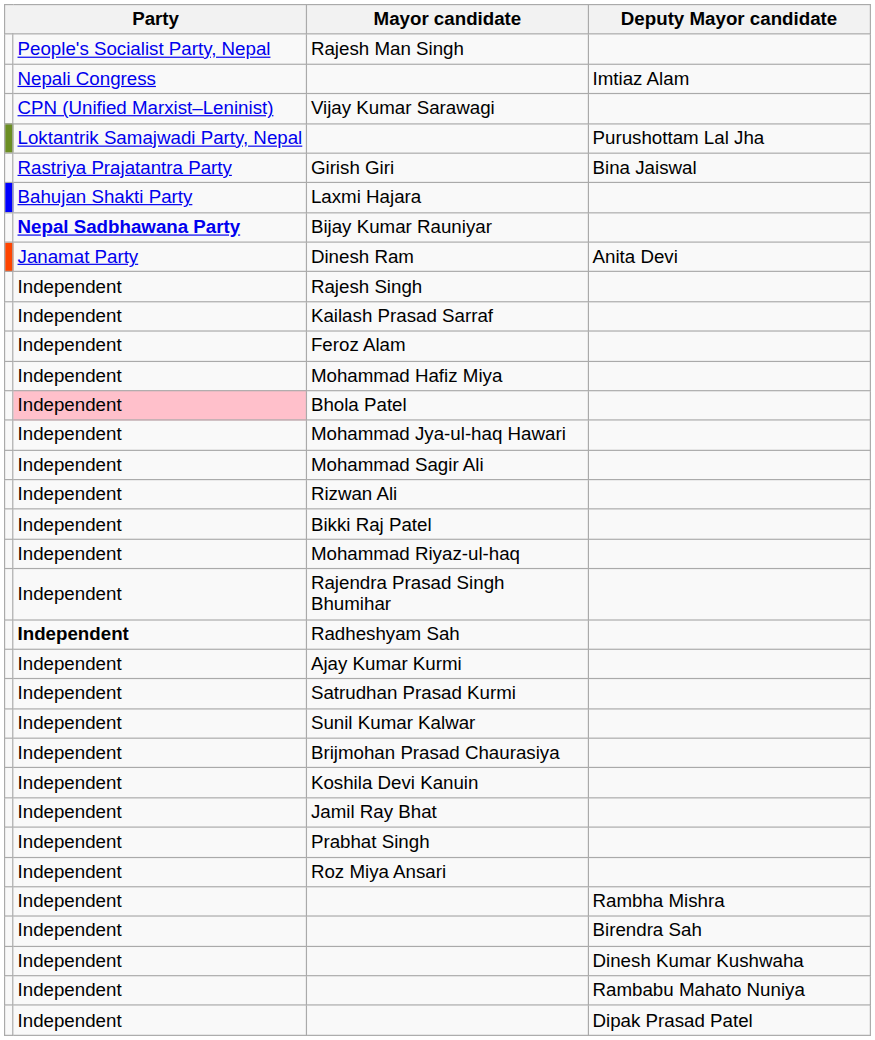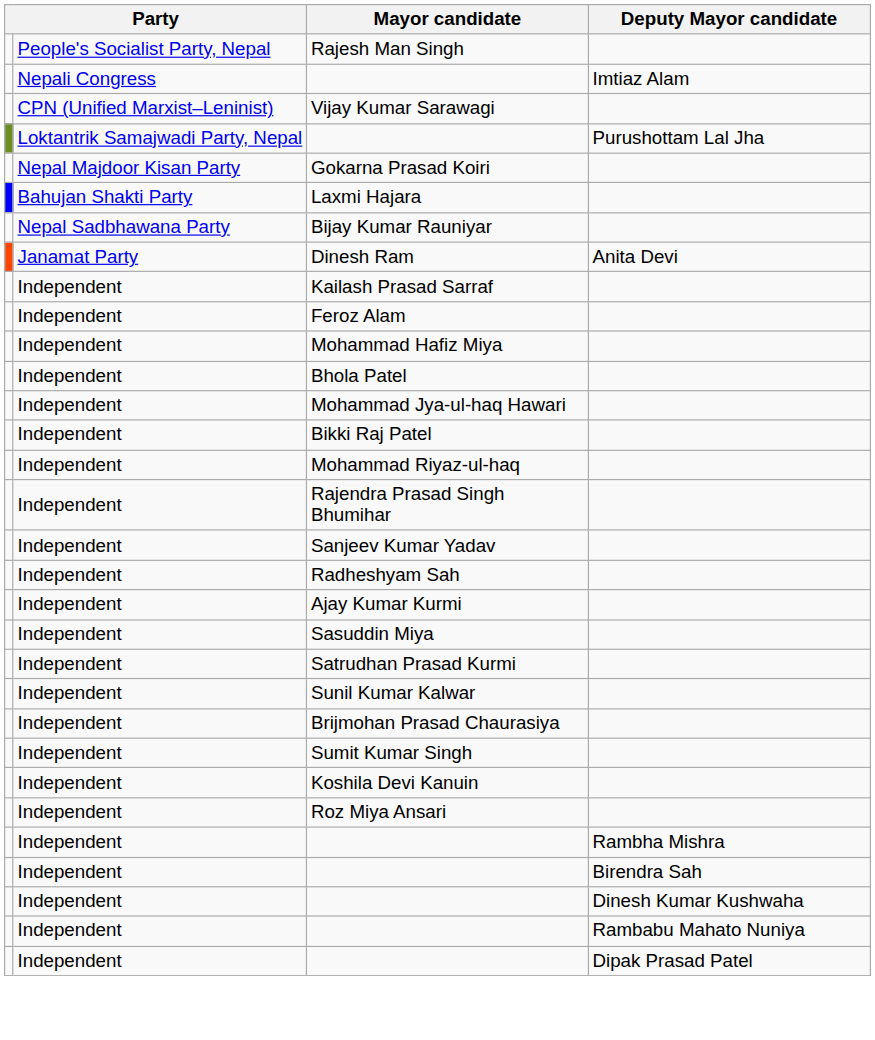 <table class="wikitable">
 <tr>
 <th colspan="2">Party</th>
 <th style="width: 175pt;">Mayor candidate</th>
 <th style="width: 175pt;">Deputy Mayor candidate</th>
 </tr>
 <tr>
 <td style="background-color:"></td>
 <td><a href='#'>People's Socialist Party, Nepal</a></td>
 <td>Rajesh Man Singh</td>
 <td></td>
 </tr>
 <tr>
 <td style="background-color:"></td>
 <td><a href='#'>Nepali Congress</a></td>
 <td></td>
 <td>Imtiaz Alam</td>
 </tr>
 <tr>
 <td style="background-color:"></td>
 <td><a href='#'>CPN (Unified Marxist–Leninist)</a></td>
 <td>Vijay Kumar Sarawagi</td>
 <td></td>
 </tr>
 <tr>
 <td style="background-color:olivedrab;"></td>
 <td><a href='#'>Loktantrik Samajwadi Party, Nepal</a></td>
 <td></td>
 <td>Purushottam Lal Jha</td>
 </tr>
 <tr>
 <td style="background-color:"></td>
-<td><a href='#'>Rastriya Prajatantra Party</a></td>
-<td>Girish Giri</td>
-<td>Bina Jaiswal</td>
+<td><a href='#'>Nepal Majdoor Kisan Party</a></td>
+<td>Gokarna Prasad Koiri</td>
+<td></td>
 </tr>
 <tr>
 <td style="background-color:blue;"></td>
 <td><a href='#'>Bahujan Shakti Party</a></td>
 <td>Laxmi Hajara</td>
 <td></td>
 </tr>
 <tr>
 <td style="background-color:"></td>
-<td><strong><a href='#'>Nepal Sadbhawana Party</a></strong></td>
+<td><a href='#'>Nepal Sadbhawana Party</a></td>
 <td>Bijay Kumar Rauniyar</td>
 <td></td>
 </tr>
 <tr>
 <td style="background-color:orangered;"></td>
 <td><a href='#'>Janamat Party</a></td>
 <td>Dinesh Ram</td>
 <td>Anita Devi</td>
-</tr>
-<tr>
-<td></td>
-<td>Independent</td>
-<td>Rajesh Singh</td>
-<td></td>
 </tr>
 <tr>
 <td></td>
 <td>Independent</td>
 <td>Kailash Prasad Sarraf</td>
 <td></td>
 </tr>
 <tr>
 <td></td>
 <td>Independent</td>
 <td>Feroz Alam</td>
 <td></td>
 </tr>
 <tr>
 <td></td>
 <td>Independent</td>
 <td>Mohammad Hafiz Miya</td>
 <td></td>
 </tr>
 <tr>
 <td></td>
-<td style="background: pink;">Independent</td>
+<td>Independent</td>
 <td>Bhola Patel</td>
 <td></td>
 </tr>
 <tr>
 <td></td>
 <td>Independent</td>
 <td>Mohammad Jya-ul-haq Hawari</td>
-<td></td>
-</tr>
-<tr>
-<td></td>
-<td>Independent</td>
-<td>Mohammad Sagir Ali</td>
-<td></td>
-</tr>
-<tr>
-<td></td>
-<td>Independent</td>
-<td>Rizwan Ali</td>
 <td></td>
 </tr>
 <tr>
 <td></td>
 <td>Independent</td>
 <td>Bikki Raj Patel</td>
 <td></td>
 </tr>
 <tr>
 <td></td>
 <td>Independent</td>
 <td>Mohammad Riyaz-ul-haq</td>
 <td></td>
 </tr>
 <tr>
 <td></td>
 <td>Independent</td>
 <td>Rajendra Prasad Singh Bhumihar</td>
 <td></td>
 </tr>
 <tr>
 <td></td>
-<td><strong>Independent</strong></td>
+<td>Independent</td>
+<td>Sanjeev Kumar Yadav</td>
+<td></td>
+</tr>
+<tr>
+<td></td>
+<td>Independent</td>
 <td>Radheshyam Sah</td>
 <td></td>
 </tr>
 <tr>
 <td></td>
 <td>Independent</td>
 <td>Ajay Kumar Kurmi</td>
+<td></td>
+</tr>
+<tr>
+<td></td>
+<td>Independent</td>
+<td>Sasuddin Miya</td>
 <td></td>
 </tr>
 <tr>
 <td></td>
 <td>Independent</td>
 <td>Satrudhan Prasad Kurmi</td>
 <td></td>
 </tr>
 <tr>
 <td></td>
 <td>Independent</td>
 <td>Sunil Kumar Kalwar</td>
 <td></td>
 </tr>
 <tr>
 <td></td>
 <td>Independent</td>
 <td>Brijmohan Prasad Chaurasiya</td>
 <td></td>
 </tr>
 <tr>
 <td></td>
 <td>Independent</td>
-<td>Koshila Devi Kanuin</td>
+<td>Sumit Kumar Singh</td>
 <td></td>
 </tr>
 <tr>
 <td></td>
 <td>Independent</td>
-<td>Jamil Ray Bhat</td>
-<td></td>
-</tr>
-<tr>
-<td></td>
-<td>Independent</td>
-<td>Prabhat Singh</td>
+<td>Koshila Devi Kanuin</td>
 <td></td>
 </tr>
 <tr>
 <td></td>
 <td>Independent</td>
 <td>Roz Miya Ansari</td>
 <td></td>
 </tr>
 <tr>
 <td></td>
 <td>Independent</td>
 <td></td>
 <td>Rambha Mishra</td>
 </tr>
 <tr>
 <td></td>
 <td>Independent</td>
 <td></td>
 <td>Birendra Sah</td>
 </tr>
 <tr>
 <td></td>
 <td>Independent</td>
 <td></td>
 <td>Dinesh Kumar Kushwaha</td>
 </tr>
 <tr>
 <td></td>
 <td>Independent</td>
 <td></td>
 <td>Rambabu Mahato Nuniya</td>
 </tr>
 <tr>
 <td></td>
 <td>Independent</td>
 <td></td>
 <td>Dipak Prasad Patel</td>
 </tr>
 </table>
